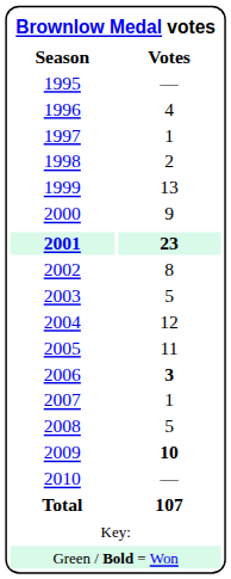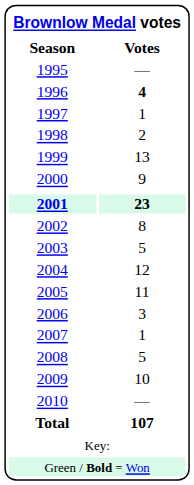 <table style="margin-right:4px; margin-top:8px; float:right; border:1px #000 solid; border-radius:8px; background:#fff; font-family:Verdana; font-size:8pt; text-align:center;">
 <tr style="background:#fff;">
 <td colspan="2;" style="padding:3px; margin-bottom:-3px; margin-top:2px; font-family:Arial; "><strong><a href='#'>Brownlow Medal</a> votes</strong></td>
 </tr>
 <tr>
 <th style="width:50%;">Season</th>
 <th style="width:50%;">Votes</th>
 </tr>
 <tr>
 <td><a href='#'>1995</a></td>
 <td>—</td>
 </tr>
 <tr>
 <td><a href='#'>1996</a></td>
-<td>4</td>
+<td><strong>4</strong></td>
 </tr>
 <tr>
 <td><a href='#'>1997</a></td>
 <td>1</td>
 </tr>
 <tr>
 <td><a href='#'>1998</a></td>
 <td>2</td>
 </tr>
 <tr>
 <td><a href='#'>1999</a></td>
 <td>13</td>
 </tr>
 <tr>
 <td><a href='#'>2000</a></td>
 <td>9</td>
 </tr>
 <tr>
 </tr>
 <tr style="background:#D9F9E9;">
 <td><strong><a href='#'>2001</a></strong></td>
 <td><strong>23</strong></td>
 </tr>
 <tr>
 <td><a href='#'>2002</a></td>
 <td>8</td>
 </tr>
 <tr>
 <td><a href='#'>2003</a></td>
 <td>5</td>
 </tr>
 <tr>
 <td><a href='#'>2004</a></td>
 <td>12</td>
 </tr>
 <tr>
 <td><a href='#'>2005</a></td>
 <td>11</td>
 </tr>
 <tr>
 <td><a href='#'>2006</a></td>
-<td><strong>3</strong></td>
+<td>3</td>
 </tr>
 <tr>
 <td><a href='#'>2007</a></td>
 <td>1</td>
 </tr>
 <tr>
 <td><a href='#'>2008</a></td>
 <td>5</td>
 </tr>
 <tr>
 <td><a href='#'>2009</a></td>
-<td><strong>10</strong></td>
+<td>10</td>
 </tr>
 <tr>
 <td><a href='#'>2010</a></td>
 <td>—</td>
 </tr>
 <tr>
 <td><strong>Total</strong></td>
 <td><strong>107</strong></td>
 </tr>
 <tr>
 <td colspan=2><small>Key:</small></td>
 </tr>
 <tr style="background:#d9f9e9; border:1px solid #aaa; width:2em;">
 <td colspan=2><small>Green / <strong>Bold</strong> = <a href='#'>Won</a></small></td>
 </tr>
 </table>
